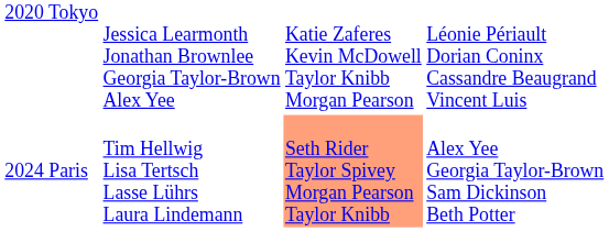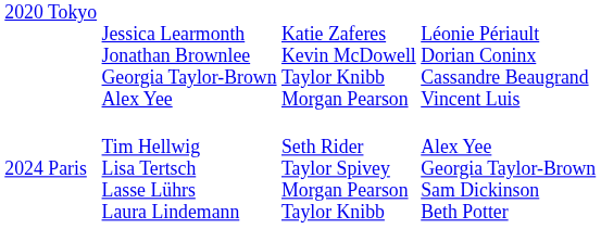 <table>
 <tr valign="top">
 <td><a href='#'>2020 Tokyo</a><br></td>
 <td><br><a href='#'>Jessica Learmonth</a><br><a href='#'>Jonathan Brownlee</a><br><a href='#'>Georgia Taylor-Brown</a><br><a href='#'>Alex Yee</a></td>
 <td><br><a href='#'>Katie Zaferes</a><br><a href='#'>Kevin McDowell</a><br><a href='#'>Taylor Knibb</a><br><a href='#'>Morgan Pearson</a></td>
 <td><br><a href='#'>Léonie Périault</a><br><a href='#'>Dorian Coninx</a><br><a href='#'>Cassandre Beaugrand</a><br><a href='#'>Vincent Luis</a></td>
 </tr>
 <tr>
 <td><a href='#'>2024 Paris</a><br></td>
 <td><br><a href='#'>Tim Hellwig</a><br><a href='#'>Lisa Tertsch</a><br><a href='#'>Lasse Lührs</a><br><a href='#'>Laura Lindemann</a></td>
-<td style="background: lightsalmon;"><br><a href='#'>Seth Rider</a><br><a href='#'>Taylor Spivey</a><br><a href='#'>Morgan Pearson</a><br><a href='#'>Taylor Knibb</a></td>
+<td><br><a href='#'>Seth Rider</a><br><a href='#'>Taylor Spivey</a><br><a href='#'>Morgan Pearson</a><br><a href='#'>Taylor Knibb</a></td>
 <td><br><a href='#'>Alex Yee</a><br><a href='#'>Georgia Taylor-Brown</a><br><a href='#'>Sam Dickinson</a><br><a href='#'>Beth Potter</a></td>
 </tr>
 </table>
